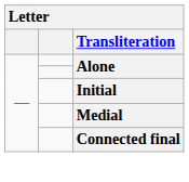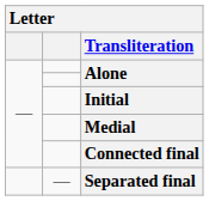 <table class="wikitable" style="text-align: center; display: inline-table;">
 <tr>
 <th colspan="3" style="text-align: left">Letter</th>
 </tr>
 <tr>
 <th style="min-width: 1.75em"></th>
 <th style="min-width: 1.75em"></th>
 <th style="text-align: left"><a href='#'>Transliteration</a></th>
 </tr>
 <tr>
 <td rowspan="5">—</td>
 <td></td>
 <th rowspan="2" style="text-align: left">Alone</th>
 </tr>
 <tr>
 <td></td>
 </tr>
 <tr>
 <td></td>
 <th style="text-align: left">Initial</th>
 </tr>
 <tr>
 <td></td>
 <th style="text-align: left">Medial</th>
 </tr>
 <tr>
 <td></td>
 <th style="text-align: left">Connected final</th>
 </tr>
+<tr>
+<td> </td>
+<td>—</td>
+<th style="text-align: left">Separated final</th>
+</tr>
 </table>
